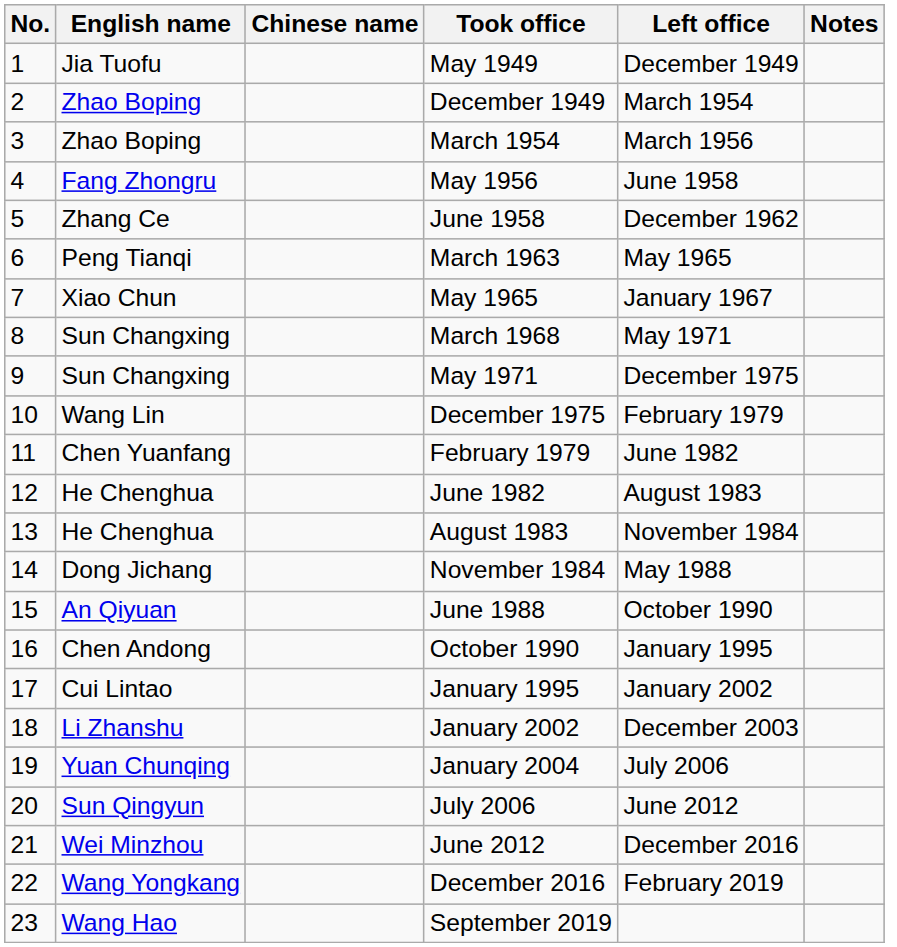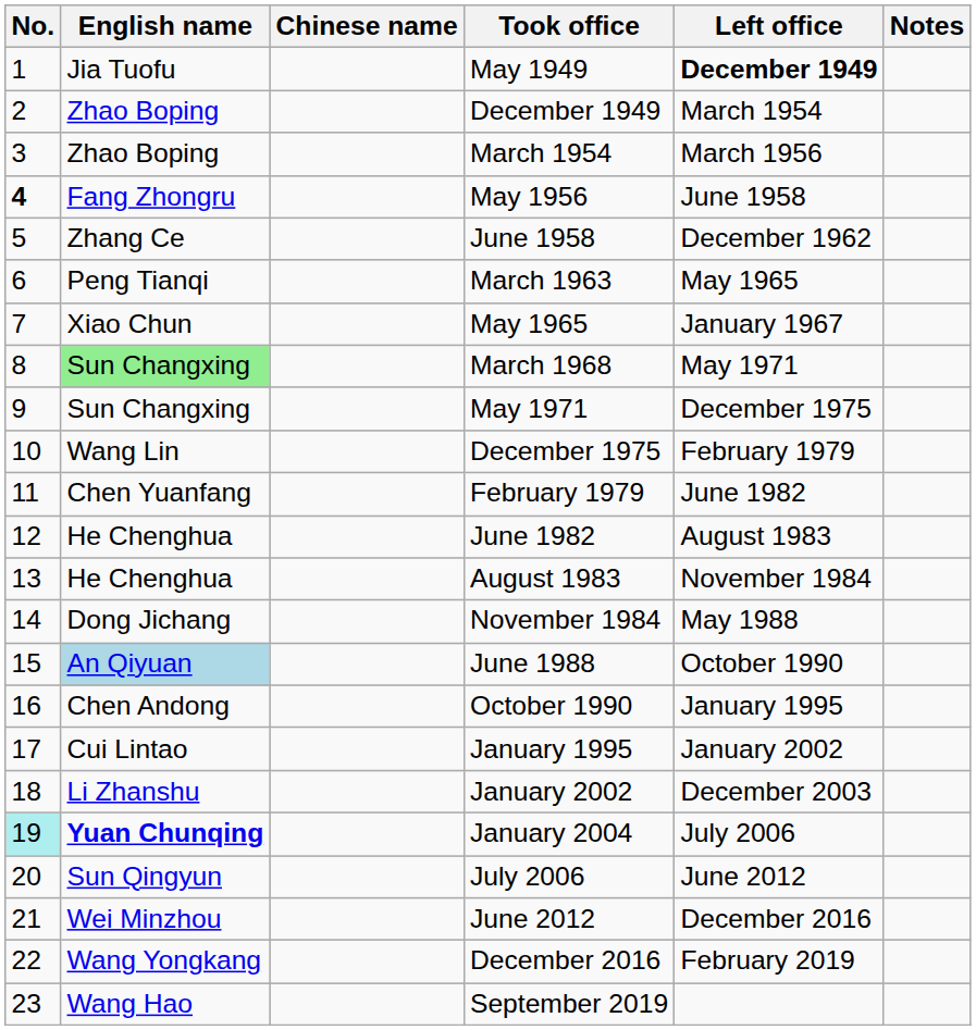 <table class="wikitable">
 <tr>
 <th>No.</th>
 <th>English name</th>
 <th>Chinese name</th>
 <th>Took office</th>
 <th>Left office</th>
 <th>Notes</th>
 </tr>
 <tr>
 <td>1</td>
 <td>Jia Tuofu</td>
 <td></td>
 <td>May 1949</td>
-<td>December 1949</td>
+<td><strong>December 1949</strong></td>
 <td></td>
 </tr>
 <tr>
 <td>2</td>
 <td><a href='#'>Zhao Boping</a></td>
 <td></td>
 <td>December 1949</td>
 <td>March 1954</td>
 <td></td>
 </tr>
 <tr>
 <td>3</td>
 <td>Zhao Boping</td>
 <td></td>
 <td>March 1954</td>
 <td>March 1956</td>
 <td></td>
 </tr>
 <tr>
-<td>4</td>
+<td><strong>4</strong></td>
 <td><a href='#'>Fang Zhongru</a></td>
 <td></td>
 <td>May 1956</td>
 <td>June 1958</td>
 <td></td>
 </tr>
 <tr>
 <td>5</td>
 <td>Zhang Ce</td>
 <td></td>
 <td>June 1958</td>
 <td>December 1962</td>
 <td></td>
 </tr>
 <tr>
 <td>6</td>
 <td>Peng Tianqi</td>
 <td></td>
 <td>March 1963</td>
 <td>May 1965</td>
 <td></td>
 </tr>
 <tr>
 <td>7</td>
 <td>Xiao Chun</td>
 <td></td>
 <td>May 1965</td>
 <td>January 1967</td>
 <td></td>
 </tr>
 <tr>
 <td>8</td>
-<td>Sun Changxing</td>
+<td style="background: lightgreen;">Sun Changxing</td>
 <td></td>
 <td>March 1968</td>
 <td>May 1971</td>
 <td></td>
 </tr>
 <tr>
 <td>9</td>
 <td>Sun Changxing</td>
 <td></td>
 <td>May 1971</td>
 <td>December 1975</td>
 <td></td>
 </tr>
 <tr>
 <td>10</td>
 <td>Wang Lin</td>
 <td></td>
 <td>December 1975</td>
 <td>February 1979</td>
 <td></td>
 </tr>
 <tr>
 <td>11</td>
 <td>Chen Yuanfang</td>
 <td></td>
 <td>February 1979</td>
 <td>June 1982</td>
 <td></td>
 </tr>
 <tr>
 <td>12</td>
 <td>He Chenghua</td>
 <td></td>
 <td>June 1982</td>
 <td>August 1983</td>
 <td></td>
 </tr>
 <tr>
 <td>13</td>
 <td>He Chenghua</td>
 <td></td>
 <td>August 1983</td>
 <td>November 1984</td>
 <td></td>
 </tr>
 <tr>
 <td>14</td>
 <td>Dong Jichang</td>
 <td></td>
 <td>November 1984</td>
 <td>May 1988</td>
 <td></td>
 </tr>
 <tr>
 <td>15</td>
-<td><a href='#'>An Qiyuan</a></td>
+<td style="background: lightblue;"><a href='#'>An Qiyuan</a></td>
 <td></td>
 <td>June 1988</td>
 <td>October 1990</td>
 <td></td>
 </tr>
 <tr>
 <td>16</td>
 <td>Chen Andong</td>
 <td></td>
 <td>October 1990</td>
 <td>January 1995</td>
 <td></td>
 </tr>
 <tr>
 <td>17</td>
 <td>Cui Lintao</td>
 <td></td>
 <td>January 1995</td>
 <td>January 2002</td>
 <td></td>
 </tr>
 <tr>
 <td>18</td>
 <td><a href='#'>Li Zhanshu</a></td>
 <td></td>
 <td>January 2002</td>
 <td>December 2003</td>
 <td></td>
 </tr>
 <tr>
-<td>19</td>
-<td><a href='#'>Yuan Chunqing</a></td>
+<td style="background: paleturquoise;">19</td>
+<td><strong><a href='#'>Yuan Chunqing</a></strong></td>
 <td></td>
 <td>January 2004</td>
 <td>July 2006</td>
 <td></td>
 </tr>
 <tr>
 <td>20</td>
 <td><a href='#'>Sun Qingyun</a></td>
 <td></td>
 <td>July 2006</td>
 <td>June 2012</td>
 <td></td>
 </tr>
 <tr>
 <td>21</td>
 <td><a href='#'>Wei Minzhou</a></td>
 <td></td>
 <td>June 2012</td>
 <td>December 2016</td>
 <td></td>
 </tr>
 <tr>
 <td>22</td>
 <td><a href='#'>Wang Yongkang</a></td>
 <td></td>
 <td>December 2016</td>
 <td>February 2019</td>
 <td></td>
 </tr>
 <tr>
 <td>23</td>
 <td><a href='#'>Wang Hao</a></td>
 <td></td>
 <td>September 2019</td>
 <td></td>
 <td></td>
 </tr>
 <tr>
 </tr>
 </table>
